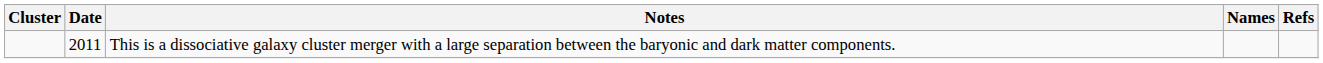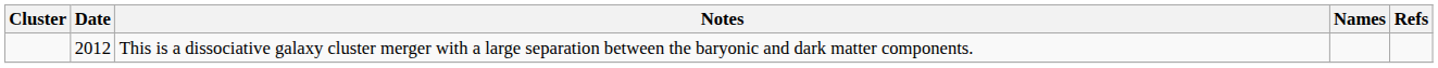 <table class=wikitable width=100%>
 <tr>
 <th>Cluster</th>
 <th>Date</th>
 <th width=100%>Notes</th>
 <th>Names</th>
 <th>Refs</th>
 </tr>
 <tr>
 <td></td>
-<td>2011</td>
+<td>2012</td>
 <td>This is a dissociative galaxy cluster merger with a large separation between the baryonic and dark matter components.</td>
 <td></td>
 <td></td>
 </tr>
 <tr>
 </tr>
 </table>
